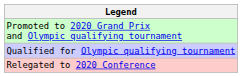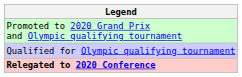 <table class="wikitable">
 <tr>
 <th>Legend</th>
 </tr>
 <tr bgcolor=ccffcc>
 <td>Promoted to <a href='#'>2020 Grand Prix</a> <br> and <a href='#'>Olympic qualifying tournament</a></td>
 </tr>
 <tr bgcolor=ccccff>
 <td>Qualified for <a href='#'>Olympic qualifying tournament</a></td>
 </tr>
 <tr bgcolor=ffcccc>
-<td>Relegated to <a href='#'>2020 Conference</a></td>
+<td><strong>Relegated to <a href='#'>2020 Conference</a></strong></td>
 </tr>
 </table>
